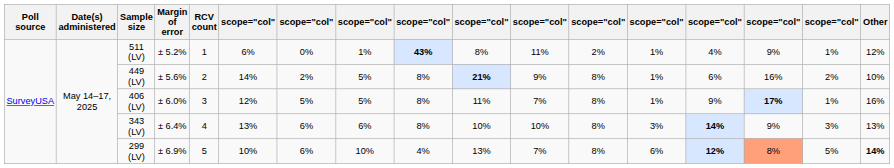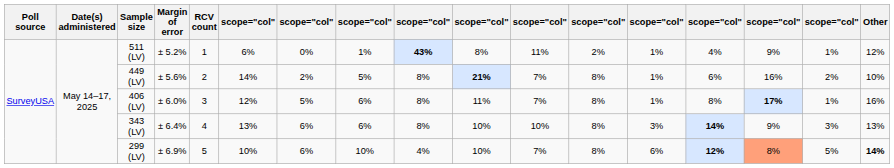 <table class="wikitable plainrowheaders mw-collapsible mw-collapsed sticky-header" style="text-align:center; font-size:90%;">
 <tr>
 <th scope="col">Poll source</th>
 <th scope="col">Date(s)<br>administered</th>
 <th scope="col">Sample<br>size</th>
 <th scope="col">Margin<br>of error</th>
 <th scope="col">RCV<br>count</th>
 <th>scope="col" </th>
 <th>scope="col" </th>
 <th>scope="col" </th>
 <th>scope="col" </th>
 <th>scope="col" </th>
 <th>scope="col" </th>
 <th>scope="col" </th>
 <th>scope="col" </th>
 <th>scope="col" </th>
 <th>scope="col" </th>
 <th>scope="col" </th>
 <th scope="col">Other</th>
 </tr>
 <tr>
 <td rowspan="5"><a href='#'>SurveyUSA</a></td>
 <td rowspan="5">May 14–17, 2025</td>
 <td>511 (LV)</td>
 <td>± 5.2%</td>
 <td>1</td>
 <td>6%</td>
 <td>0%</td>
 <td>1%</td>
 <td style="background:#d7e7ff"><strong>43%</strong></td>
 <td>8%</td>
 <td>11%</td>
 <td>2%</td>
 <td>1%</td>
 <td>4%</td>
 <td>9%</td>
 <td>1%</td>
 <td>12%</td>
 </tr>
 <tr>
 <td>449 (LV)</td>
 <td>± 5.6%</td>
 <td>2</td>
 <td>14%</td>
 <td>2%</td>
 <td>5%</td>
 <td>8%</td>
 <td style="background:#d7e7ff"><strong>21%</strong></td>
-<td>9%</td>
+<td>7%</td>
 <td>8%</td>
 <td>1%</td>
 <td>6%</td>
 <td>16%</td>
 <td>2%</td>
 <td>10%</td>
 </tr>
 <tr>
 <td>406 (LV)</td>
 <td>± 6.0%</td>
 <td>3</td>
 <td>12%</td>
 <td>5%</td>
-<td>5%</td>
+<td>6%</td>
 <td>8%</td>
 <td>11%</td>
 <td>7%</td>
 <td>8%</td>
 <td>1%</td>
-<td>9%</td>
+<td>8%</td>
 <td style="background:#d7e7ff"><strong>17%</strong></td>
 <td>1%</td>
 <td>16%</td>
 </tr>
 <tr>
 <td>343 (LV)</td>
 <td>± 6.4%</td>
 <td>4</td>
 <td>13%</td>
 <td>6%</td>
 <td>6%</td>
 <td>8%</td>
 <td>10%</td>
 <td>10%</td>
 <td>8%</td>
 <td>3%</td>
 <td style="background:#d7e7ff"><strong>14%</strong></td>
 <td>9%</td>
 <td>3%</td>
 <td>13%</td>
 </tr>
 <tr>
 <td>299 (LV)</td>
 <td>± 6.9%</td>
 <td>5</td>
 <td>10%</td>
 <td>6%</td>
 <td>10%</td>
 <td>4%</td>
-<td>13%</td>
+<td>10%</td>
 <td>7%</td>
 <td>8%</td>
 <td>6%</td>
 <td style="background:#d7e7ff"><strong>12%</strong></td>
 <td style="background: lightsalmon;">8%</td>
 <td>5%</td>
 <td><strong>14%</strong></td>
 </tr>
 </table>
